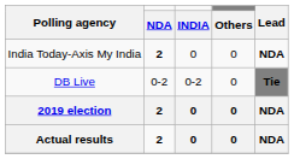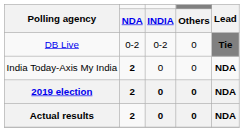 <table class="wikitable" style="text-align:center;font-size:95%;line-height:30px;">
 <tr>
 <th rowspan="2" class="wikitable">Polling agency</th>
 <td></td>
 <td></td>
 <td style="background:grey;"></td>
 <th rowspan="2">Lead</th>
 </tr>
 <tr>
 <th class="wikitable"><a href='#'>NDA</a></th>
 <th class="wikitable"><a href='#'>INDIA</a></th>
 <th class="wikitable">Others</th>
 </tr>
 <tr>
+<td><a href='#'>DB Live</a></td>
+<td>0-2</td>
+<td>0-2</td>
+<td>0</td>
+<td style=background:grey; color=000000;><strong>Tie</strong></td>
+</tr>
+<tr>
 <td>India Today-Axis My India</td>
 <td bgcolor=><strong>2</strong></td>
 <td>0</td>
 <td>0</td>
 <td bgcolor=><strong>NDA</strong></td>
-</tr>
-<tr>
-<td><a href='#'>DB Live</a></td>
-<td>0-2</td>
-<td>0-2</td>
-<td>0</td>
-<td style=background:grey; color=000000;><strong>Tie</strong></td>
 </tr>
 <tr>
 <th><a href='#'><strong>2019 election</strong></a></th>
 <th style="background:"><strong>2</strong></th>
 <th>0</th>
 <th>0</th>
 <th style="background:"><strong>NDA</strong></th>
 </tr>
 <tr>
 <th>Actual results</th>
 <td bgcolor=><strong>2</strong></td>
 <th>0</th>
 <th>0</th>
 <th style="background:"><strong>NDA</strong></th>
 </tr>
 <tr>
 </tr>
 </table>
